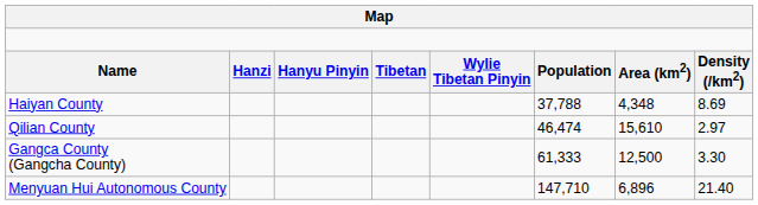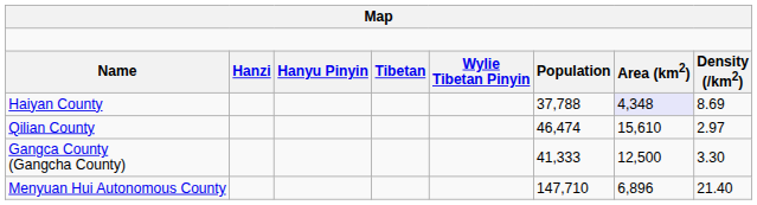 <table class="wikitable"  style="font-size:90%;" align=center>
 <tr>
 <th colspan="9" align="center">Map</th>
 </tr>
 <tr>
 <td colspan="9" align="center"><div><br>       </div></td>
 </tr>
 <tr>
 <th>Name</th>
 <th><a href='#'>Hanzi</a></th>
 <th><a href='#'>Hanyu Pinyin</a></th>
 <th><a href='#'>Tibetan</a></th>
 <th><a href='#'>Wylie</a><br><a href='#'>Tibetan Pinyin</a></th>
 <th>Population<br></th>
 <th>Area (km<sup>2</sup>)</th>
 <th>Density<br>(/km<sup>2</sup>)</th>
 </tr>
 <tr>
 <td><a href='#'>Haiyan County</a></td>
 <td></td>
 <td></td>
 <td></td>
 <td><br></td>
 <td>37,788</td>
-<td>4,348</td>
+<td style="background: lavender;">4,348</td>
 <td>8.69</td>
 </tr>
 <tr>
 <td><a href='#'>Qilian County</a></td>
 <td></td>
 <td></td>
 <td></td>
 <td><br></td>
 <td>46,474</td>
 <td>15,610</td>
 <td>2.97</td>
 </tr>
 <tr>
 <td><a href='#'>Gangca County</a><br>(Gangcha County)</td>
 <td></td>
 <td></td>
 <td></td>
 <td><br></td>
-<td>61,333</td>
+<td>41,333</td>
 <td>12,500</td>
 <td>3.30</td>
 </tr>
 <tr>
 <td><a href='#'>Menyuan Hui Autonomous County</a></td>
 <td></td>
 <td></td>
 <td></td>
 <td><br></td>
 <td>147,710</td>
 <td>6,896</td>
 <td>21.40</td>
 </tr>
 </table>
